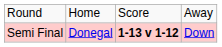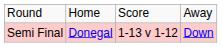 <table class="wikitable">
 <tr>
 <td>Round</td>
 <td>Home</td>
 <td>Score</td>
 <td>Away</td>
 </tr>
 <tr bgcolor="#FFCCCC">
 <td>Semi Final</td>
 <td><a href='#'>Donegal</a></td>
-<td><strong>1-13 v 1-12</strong></td>
+<td>1-13 v 1-12</td>
 <td><a href='#'>Down</a></td>
 </tr>
 </table>
